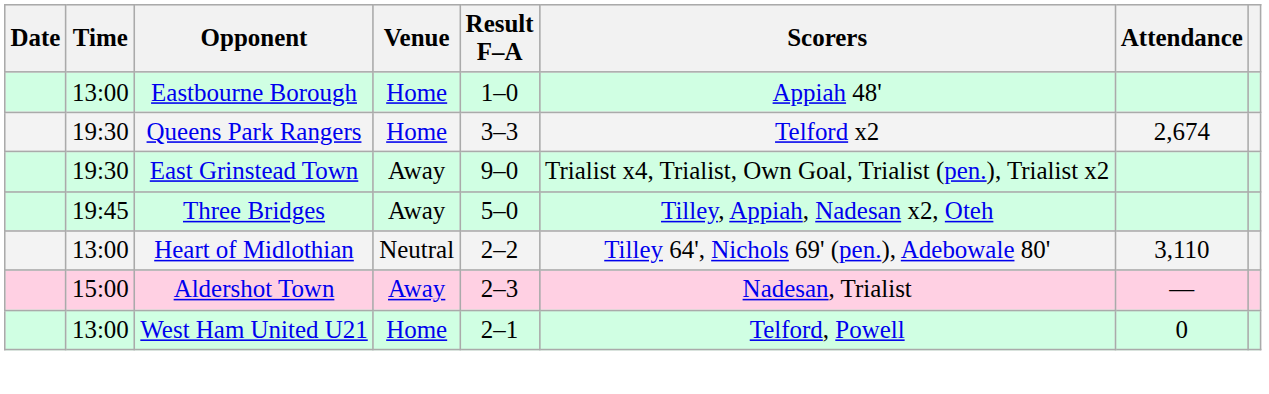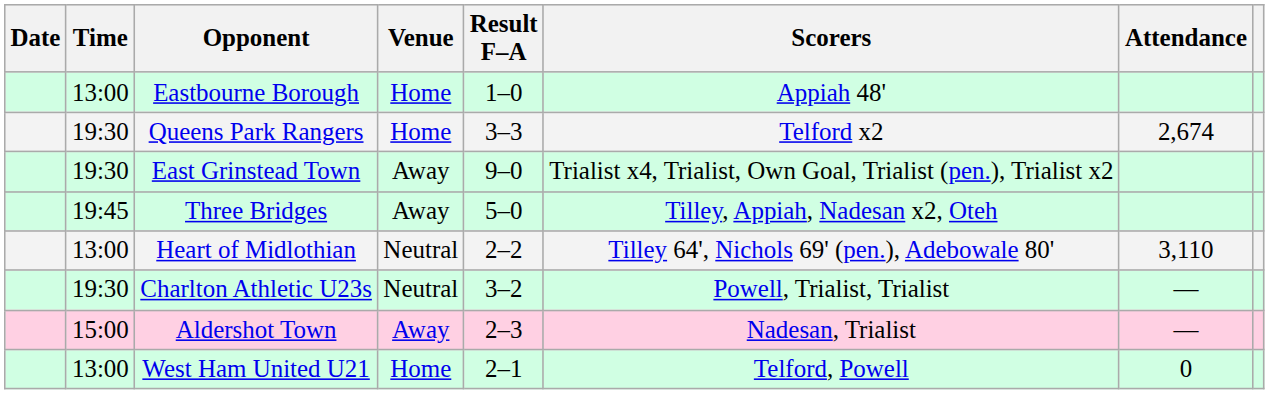 <table class="wikitable sortable" style="text-align:center">
 <tr>
 <th>Date</th>
 <th>Time</th>
 <th>Opponent</th>
 <th>Venue</th>
 <th>Result<br>F–A</th>
 <th class="unsortable">Scorers</th>
 <th>Attendance</th>
 <th class="unsortable"></th>
 </tr>
 <tr bgcolor="#d0ffe3">
 <td></td>
 <td>13:00</td>
 <td><a href='#'>Eastbourne Borough</a></td>
 <td><a href='#'>Home</a></td>
 <td>1–0</td>
 <td><a href='#'>Appiah</a> 48'</td>
 <td></td>
 <td></td>
 </tr>
 <tr bgcolor="#f3f3f3">
 <td></td>
 <td>19:30</td>
 <td><a href='#'>Queens Park Rangers</a></td>
 <td><a href='#'>Home</a></td>
 <td>3–3</td>
 <td><a href='#'>Telford</a> x2</td>
 <td>2,674</td>
 <td></td>
 </tr>
 <tr bgcolor="#d0ffe3">
 <td></td>
 <td>19:30</td>
 <td><a href='#'>East Grinstead Town</a></td>
 <td>Away</td>
 <td>9–0</td>
 <td>Trialist x4, Trialist, Own Goal, Trialist (<a href='#'>pen.</a>), Trialist x2</td>
 <td></td>
 <td></td>
 </tr>
 <tr bgcolor="#d0ffe3">
 <td></td>
 <td>19:45</td>
 <td><a href='#'>Three Bridges</a></td>
 <td>Away</td>
 <td>5–0</td>
 <td><a href='#'>Tilley</a>, <a href='#'>Appiah</a>, <a href='#'>Nadesan</a> x2, <a href='#'>Oteh</a></td>
 <td></td>
 <td></td>
 </tr>
 <tr bgcolor="#f3f3f3">
 <td></td>
 <td>13:00</td>
 <td><a href='#'>Heart of Midlothian</a></td>
 <td>Neutral</td>
 <td>2–2</td>
 <td><a href='#'>Tilley</a> 64', <a href='#'>Nichols</a> 69' (<a href='#'>pen.</a>), <a href='#'>Adebowale</a> 80'</td>
 <td>3,110</td>
 <td></td>
 </tr>
+<tr bgcolor="#d0ffe3">
+<td></td>
+<td>19:30</td>
+<td><a href='#'>Charlton Athletic U23s</a></td>
+<td>Neutral</td>
+<td>3–2</td>
+<td><a href='#'>Powell</a>, Trialist, Trialist</td>
+<td>—</td>
+<td></td>
+</tr>
 <tr bgcolor="#ffd0e3">
 <td></td>
 <td>15:00</td>
 <td><a href='#'>Aldershot Town</a></td>
 <td><a href='#'>Away</a></td>
 <td>2–3</td>
 <td><a href='#'>Nadesan</a>, Trialist</td>
 <td>—</td>
 <td></td>
 </tr>
 <tr bgcolor="#d0ffe3">
 <td></td>
 <td>13:00</td>
 <td><a href='#'>West Ham United U21</a></td>
 <td><a href='#'>Home</a></td>
 <td>2–1</td>
 <td><a href='#'>Telford</a>, <a href='#'>Powell</a></td>
 <td>0</td>
 <td></td>
 </tr>
 </table>
